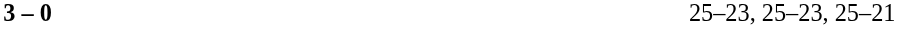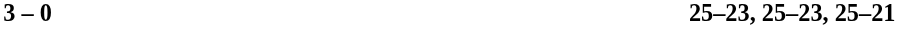 <table width=100% cellspacing=1>
 <tr>
 <th width=20%></th>
 <th width=12%></th>
 <th width=20%></th>
 <th width=33%></th>
 <td></td>
 </tr>
 <tr style=font-size:95%>
 <td align=right><strong></strong></td>
 <td align=center><strong>3 – 0</strong></td>
 <td></td>
-<td>25–23, 25–23, 25–21</td>
+<td><strong>25–23, 25–23, 25–21</strong></td>
 </tr>
 </table>
